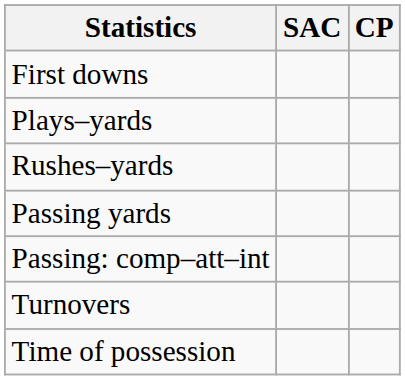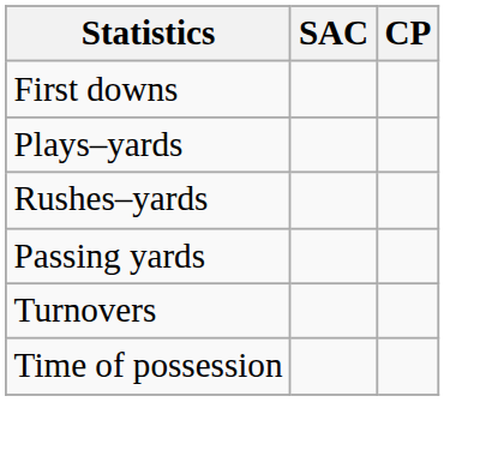 <table class="wikitable" style="float:left">
 <tr>
 <th>Statistics</th>
 <th>SAC</th>
 <th>CP</th>
 </tr>
 <tr>
 <td>First downs</td>
 <td></td>
 <td></td>
 </tr>
 <tr>
 <td>Plays–yards</td>
 <td></td>
 <td></td>
 </tr>
 <tr>
 <td>Rushes–yards</td>
 <td></td>
 <td></td>
 </tr>
 <tr>
 <td>Passing yards</td>
 <td></td>
 <td></td>
 </tr>
 <tr>
-<td>Passing: comp–att–int</td>
-<td></td>
-<td></td>
-</tr>
-<tr>
 <td>Turnovers</td>
 <td></td>
 <td></td>
 </tr>
 <tr>
 <td>Time of possession</td>
 <td></td>
 <td></td>
 </tr>
 </table>
